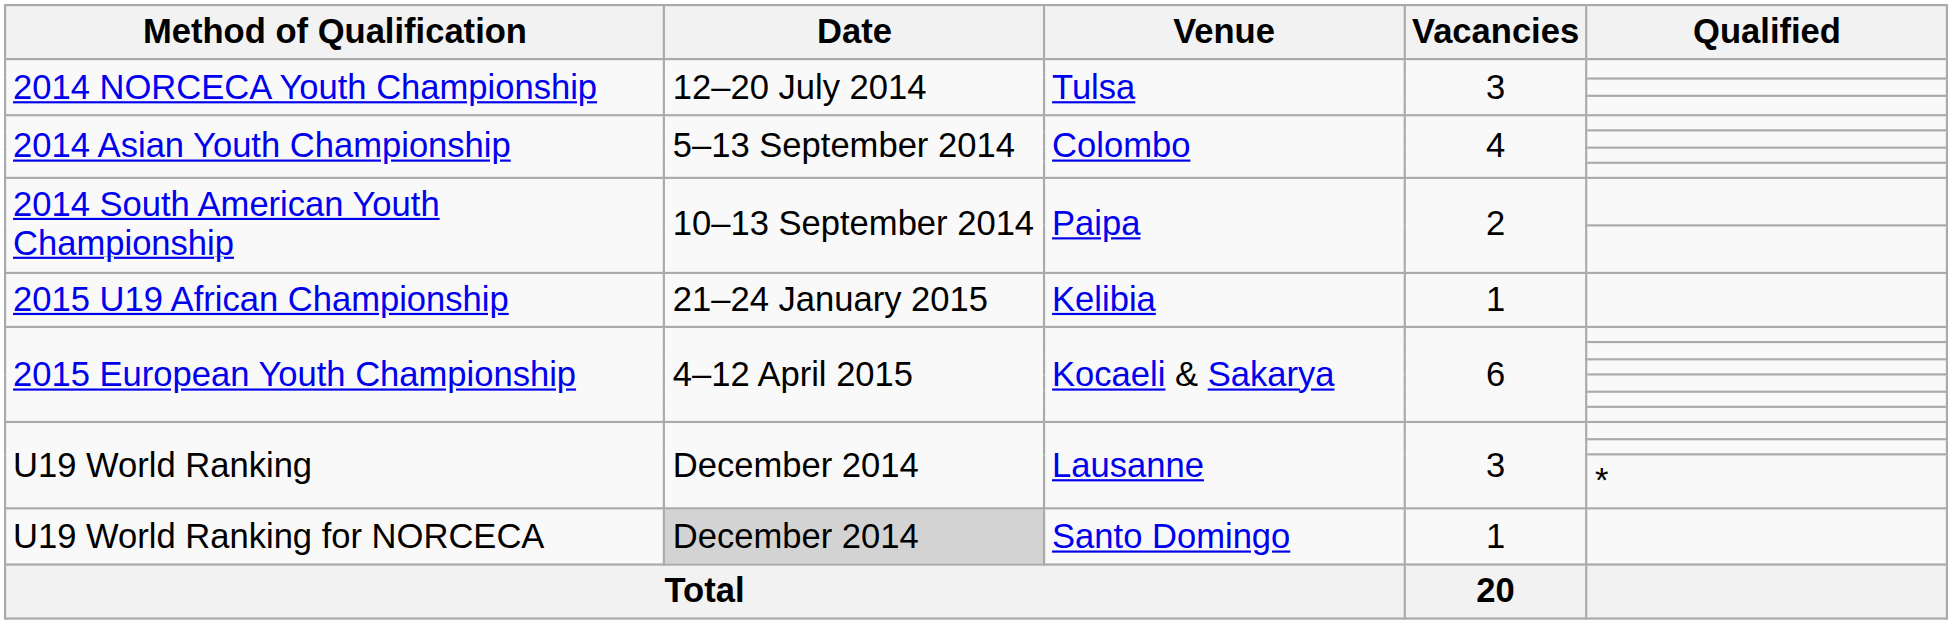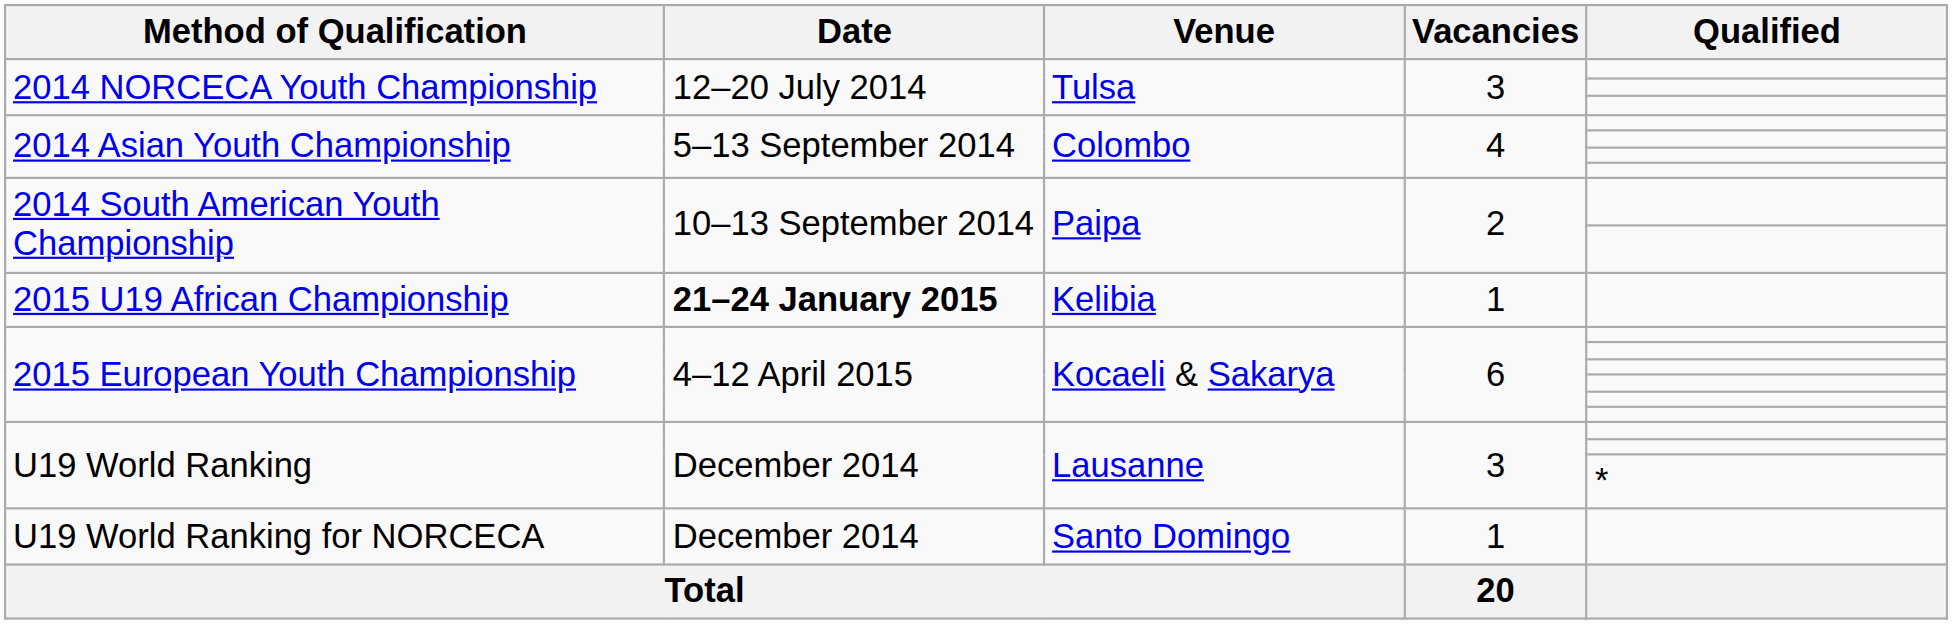 <table class="wikitable" width=900>
 <tr>
 <th width=35%>Method of Qualification</th>
 <th width=20%>Date</th>
 <th width=19%>Venue</th>
 <th width=7%>Vacancies</th>
 <th width=19%>Qualified</th>
 </tr>
 <tr>
 <td rowspan="3"><a href='#'>2014 NORCECA Youth Championship</a></td>
 <td rowspan="3">12–20 July 2014</td>
 <td rowspan="3"> <a href='#'>Tulsa</a></td>
 <td rowspan="3" align="center">3</td>
 <td></td>
 </tr>
 <tr>
 <td></td>
 </tr>
 <tr>
 <td></td>
 </tr>
 <tr>
 <td rowspan="4"><a href='#'>2014 Asian Youth Championship</a></td>
 <td rowspan="4">5–13 September 2014</td>
 <td rowspan="4"> <a href='#'>Colombo</a></td>
 <td rowspan="4" align="center">4</td>
 <td></td>
 </tr>
 <tr>
 <td></td>
 </tr>
 <tr>
 <td></td>
 </tr>
 <tr>
 <td></td>
 </tr>
 <tr>
 <td rowspan="2"><a href='#'>2014 South American Youth Championship</a></td>
 <td rowspan="2">10–13 September 2014</td>
 <td rowspan="2"> <a href='#'>Paipa</a></td>
 <td rowspan="2" align="center">2</td>
 <td></td>
 </tr>
 <tr>
 <td></td>
 </tr>
 <tr>
 <td><a href='#'>2015 U19 African Championship</a></td>
-<td>21–24 January 2015</td>
+<td><strong>21–24 January 2015</strong></td>
 <td> <a href='#'>Kelibia</a></td>
 <td align="center">1</td>
 <td></td>
 </tr>
 <tr>
 <td rowspan="6"><a href='#'>2015 European Youth Championship</a></td>
 <td rowspan="6">4–12 April 2015</td>
 <td rowspan="6"> <a href='#'>Kocaeli</a> & <a href='#'>Sakarya</a></td>
 <td rowspan="6" align="center">6</td>
 <td></td>
 </tr>
 <tr>
 <td></td>
 </tr>
 <tr>
 <td></td>
 </tr>
 <tr>
 <td></td>
 </tr>
 <tr>
 <td></td>
 </tr>
 <tr>
 <td></td>
 </tr>
 <tr>
 <td rowspan="3">U19 World Ranking</td>
 <td rowspan="3">December 2014</td>
 <td rowspan="3"> <a href='#'>Lausanne</a></td>
 <td rowspan="3" align="center">3</td>
 <td></td>
 </tr>
 <tr>
 <td></td>
 </tr>
 <tr>
 <td>*</td>
 </tr>
 <tr>
 <td>U19 World Ranking for NORCECA</td>
-<td style="background: lightgrey;">December 2014</td>
+<td>December 2014</td>
 <td> <a href='#'>Santo Domingo</a></td>
 <td align="center">1</td>
 <td></td>
 </tr>
 <tr>
 <th colspan="3">Total</th>
 <th>20</th>
 <th colspan="2"></th>
 </tr>
 </table>
